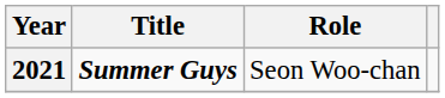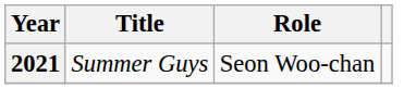 <table class="wikitable sortable plainrowheaders">
 <tr>
 <th scope="col">Year</th>
 <th scope="col">Title</th>
 <th scope="col">Role</th>
 <th scope="col" class="unsortable"></th>
 </tr>
 <tr>
 <th scope="row">2021</th>
-<td><strong><em>Summer Guys</em></strong></td>
+<td><em>Summer Guys</em></td>
 <td>Seon Woo-chan</td>
 <td></td>
 </tr>
 <tr>
 </tr>
 </table>
